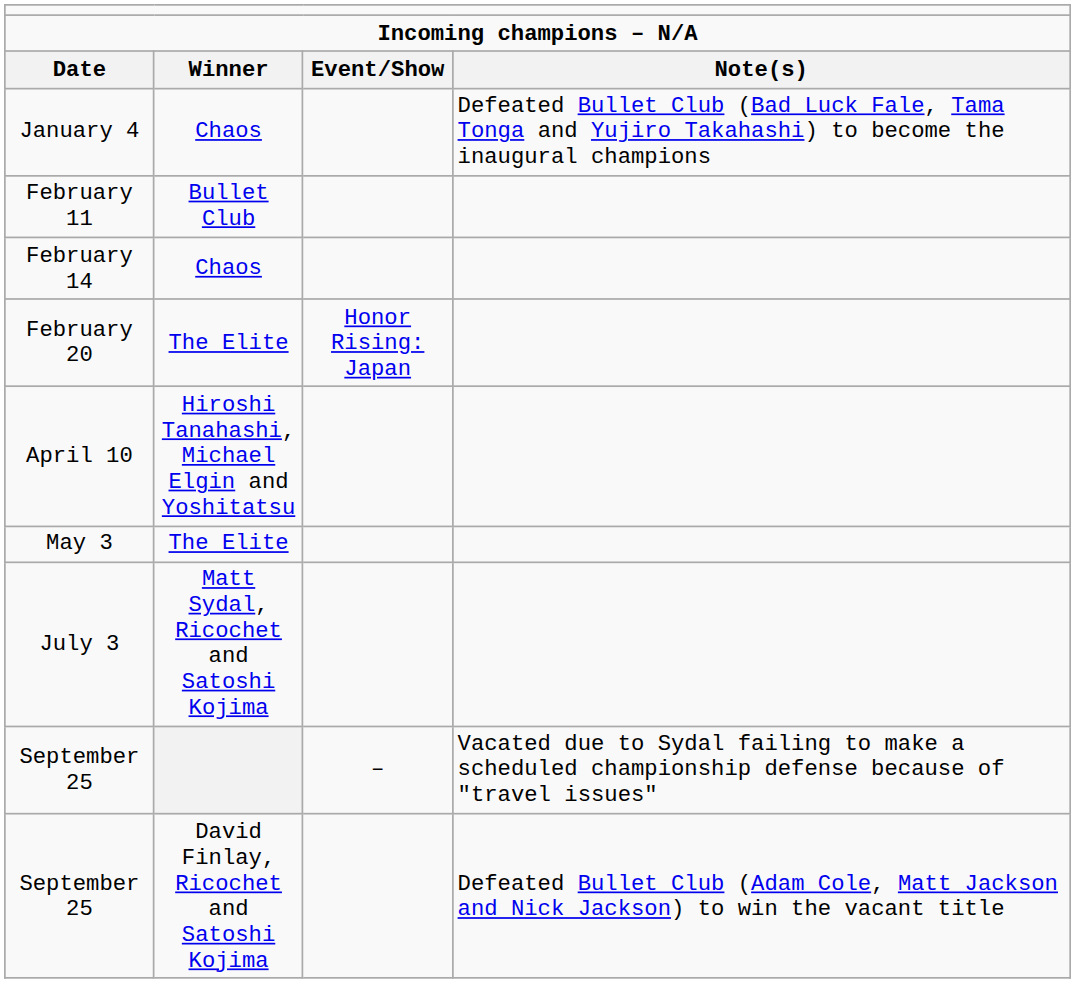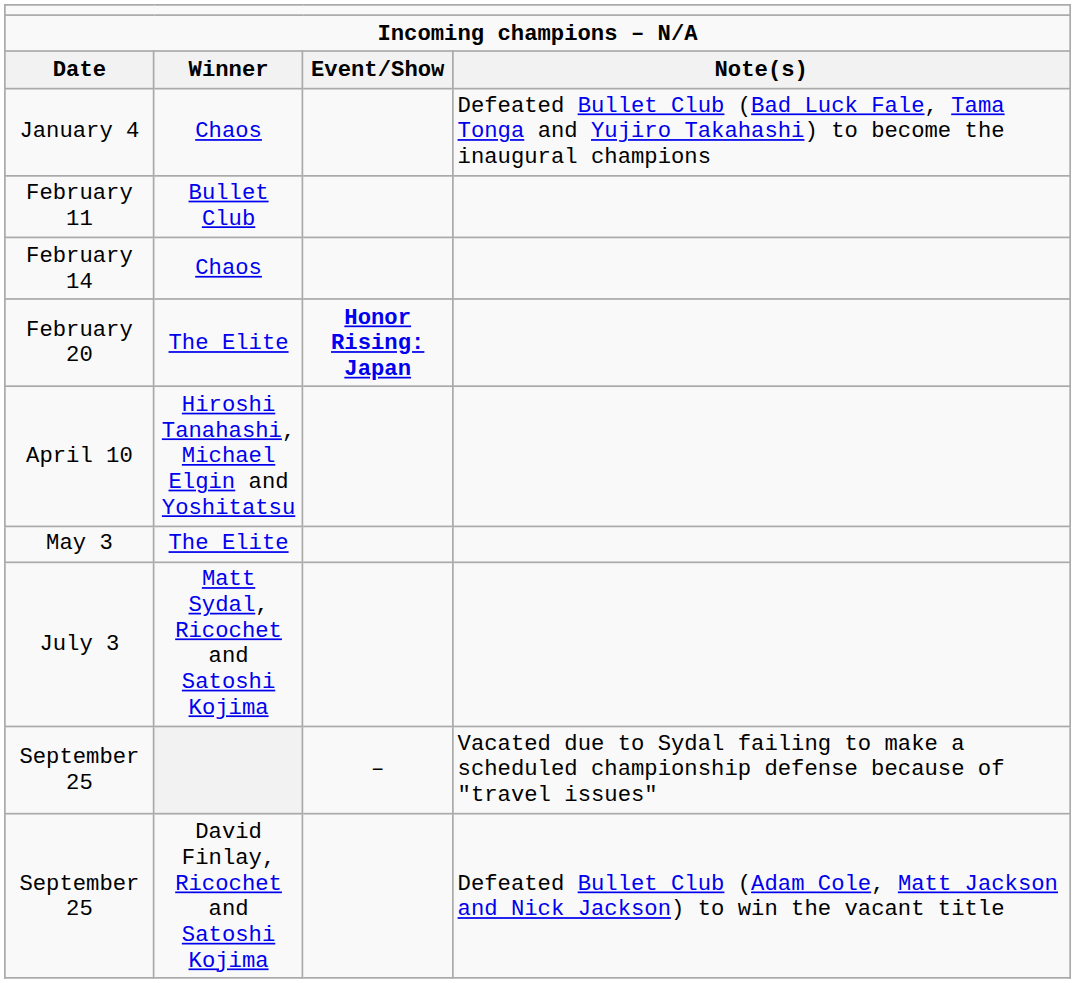 <table class="wikitable" style="text-align:center; width:100%;">
 <tr>
 <td colspan="5"></td>
 </tr>
 <tr>
 <td colspan="5"><strong>Incoming champions – N/A</strong></td>
 </tr>
 <tr>
 <th width=14%>Date</th>
 <th width=14%>Winner</th>
 <th width=14%>Event/Show</th>
 <th width=58%>Note(s)</th>
 </tr>
 <tr>
 <td>January 4</td>
 <td><a href='#'>Chaos</a><br></td>
 <td></td>
 <td align=left>Defeated <a href='#'>Bullet Club</a> (<a href='#'>Bad Luck Fale</a>, <a href='#'>Tama Tonga</a> and <a href='#'>Yujiro Takahashi</a>) to become the inaugural champions</td>
 </tr>
 <tr>
 <td>February 11</td>
 <td><a href='#'>Bullet Club</a><br></td>
 <td></td>
 <td align=left></td>
 </tr>
 <tr>
 <td>February 14</td>
 <td><a href='#'>Chaos</a><br></td>
 <td></td>
 <td align=left></td>
 </tr>
 <tr>
 <td>February 20</td>
 <td><a href='#'>The Elite</a><br></td>
-<td><a href='#'>Honor Rising: Japan</a></td>
+<td><strong><a href='#'>Honor Rising: Japan</a></strong></td>
 <td align=left></td>
 </tr>
 <tr>
 <td>April 10</td>
 <td><a href='#'>Hiroshi Tanahashi</a>, <a href='#'>Michael Elgin</a> and <a href='#'>Yoshitatsu</a></td>
 <td></td>
 <td align=left></td>
 </tr>
 <tr>
 <td>May 3</td>
 <td><a href='#'>The Elite</a><br></td>
 <td></td>
 <td align=left></td>
 </tr>
 <tr>
 <td>July 3</td>
 <td><a href='#'>Matt Sydal</a>, <a href='#'>Ricochet</a> and <a href='#'>Satoshi Kojima</a></td>
 <td></td>
 <td align=left></td>
 </tr>
 <tr>
 <td>September 25</td>
 <th></th>
 <td>–</td>
 <td align=left>Vacated due to Sydal failing to make a scheduled championship defense because of "travel issues"</td>
 </tr>
 <tr>
 <td>September 25</td>
 <td>David Finlay, <a href='#'>Ricochet</a> and <a href='#'>Satoshi Kojima</a></td>
 <td></td>
 <td align=left>Defeated <a href='#'>Bullet Club</a> (<a href='#'>Adam Cole</a>, <a href='#'>Matt Jackson and Nick Jackson</a>) to win the vacant title</td>
 </tr>
 </table>
